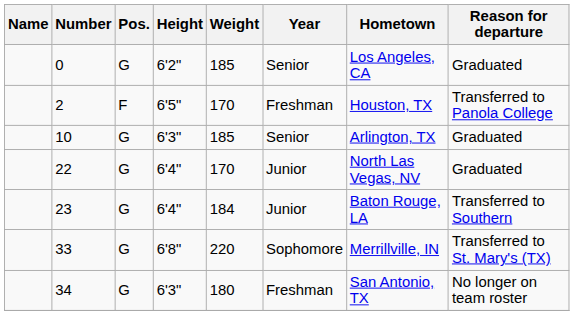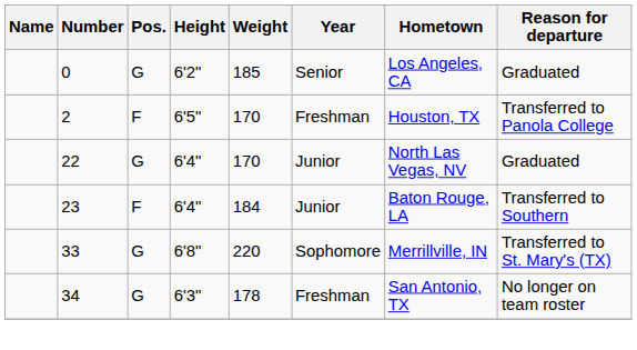 <table class="wikitable sortable" border="1">
 <tr align=center>
 <th>Name</th>
 <th>Number</th>
 <th>Pos.</th>
 <th>Height</th>
 <th>Weight</th>
 <th>Year</th>
 <th>Hometown</th>
 <th>Reason for departure</th>
 </tr>
 <tr>
 <td></td>
 <td>0</td>
 <td>G</td>
 <td>6'2"</td>
 <td>185</td>
 <td>Senior</td>
 <td><a href='#'>Los Angeles, CA</a></td>
 <td>Graduated</td>
 </tr>
 <tr>
 <td></td>
 <td>2</td>
 <td>F</td>
 <td>6'5"</td>
 <td>170</td>
 <td>Freshman</td>
 <td><a href='#'>Houston, TX</a></td>
 <td>Transferred to <a href='#'>Panola College</a></td>
 </tr>
 <tr>
 <td></td>
-<td>10</td>
-<td>G</td>
-<td>6'3"</td>
-<td>185</td>
-<td>Senior</td>
-<td><a href='#'>Arlington, TX</a></td>
-<td>Graduated</td>
-</tr>
-<tr>
-<td></td>
 <td>22</td>
 <td>G</td>
 <td>6'4"</td>
 <td>170</td>
 <td>Junior</td>
 <td><a href='#'>North Las Vegas, NV</a></td>
 <td>Graduated</td>
 </tr>
 <tr>
 <td></td>
 <td>23</td>
-<td>G</td>
+<td>F</td>
 <td>6'4"</td>
 <td>184</td>
 <td>Junior</td>
 <td><a href='#'>Baton Rouge, LA</a></td>
 <td>Transferred to <a href='#'>Southern</a></td>
 </tr>
 <tr>
 <td></td>
 <td>33</td>
 <td>G</td>
 <td>6'8"</td>
 <td>220</td>
 <td>Sophomore</td>
 <td><a href='#'>Merrillville, IN</a></td>
 <td>Transferred to <a href='#'>St. Mary's (TX)</a></td>
 </tr>
 <tr>
 <td></td>
 <td>34</td>
 <td>G</td>
 <td>6'3"</td>
-<td>180</td>
+<td>178</td>
 <td>Freshman</td>
 <td><a href='#'>San Antonio, TX</a></td>
 <td>No longer on team roster</td>
 </tr>
 <tr>
 </tr>
 </table>
